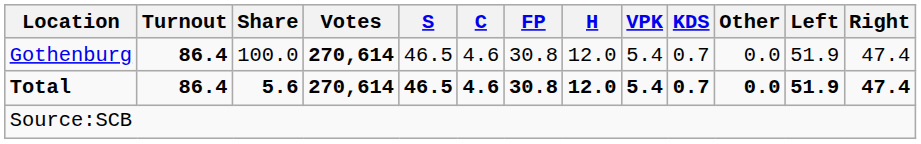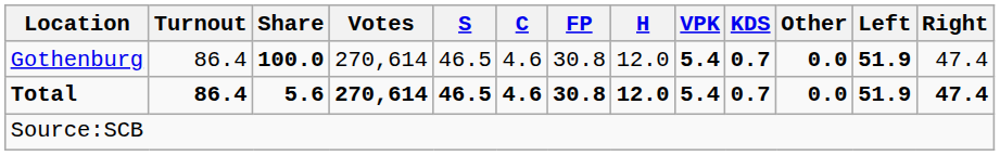 <table class="wikitable sortable" style=text-align:right>
 <tr>
 <th>Location</th>
 <th>Turnout</th>
 <th>Share</th>
 <th>Votes</th>
 <th><a href='#'>S</a></th>
 <th><a href='#'>C</a></th>
 <th><a href='#'>FP</a></th>
 <th><a href='#'>H</a></th>
 <th><a href='#'>VPK</a></th>
 <th><a href='#'>KDS</a></th>
 <th>Other</th>
 <th>Left</th>
 <th>Right</th>
 </tr>
 <tr>
 <td align=left><a href='#'>Gothenburg</a></td>
-<td><strong>86.4</strong></td>
-<td>100.0</td>
-<td><strong>270,614</strong></td>
+<td>86.4</td>
+<td><strong>100.0</strong></td>
+<td>270,614</td>
 <td>46.5</td>
 <td>4.6</td>
 <td>30.8</td>
 <td>12.0</td>
-<td>5.4</td>
-<td>0.7</td>
-<td>0.0</td>
-<td>51.9</td>
+<td><strong>5.4</strong></td>
+<td><strong>0.7</strong></td>
+<td><strong>0.0</strong></td>
+<td><strong>51.9</strong></td>
 <td>47.4</td>
 </tr>
 <tr>
 <td align=left><strong>Total</strong></td>
 <td><strong>86.4</strong></td>
 <td><strong>5.6</strong></td>
 <td><strong>270,614</strong></td>
 <td><strong>46.5</strong></td>
 <td><strong>4.6</strong></td>
 <td><strong>30.8</strong></td>
 <td><strong>12.0</strong></td>
 <td><strong>5.4</strong></td>
 <td><strong>0.7</strong></td>
 <td><strong>0.0</strong></td>
 <td><strong>51.9</strong></td>
 <td><strong>47.4</strong></td>
 </tr>
 <tr>
 <td align=left colspan=13>Source:SCB </td>
 </tr>
 </table>
